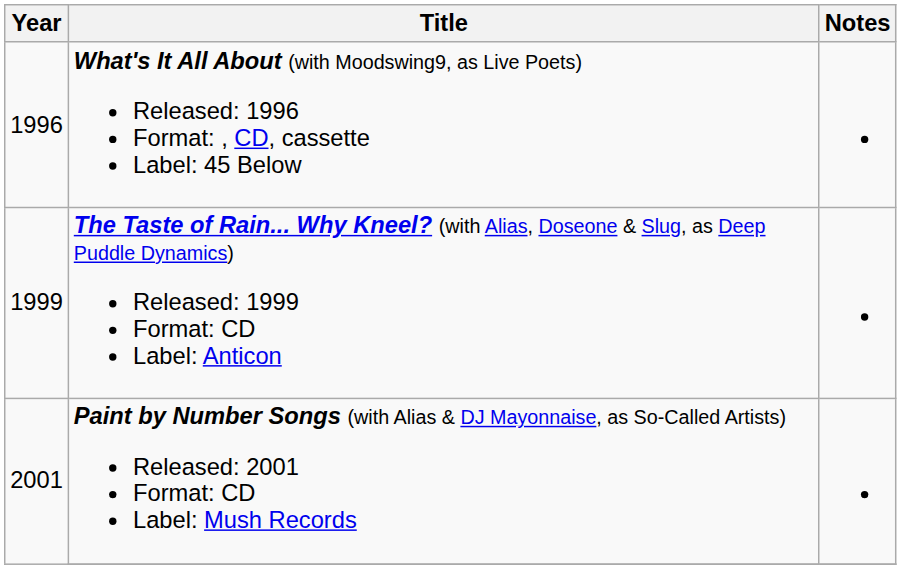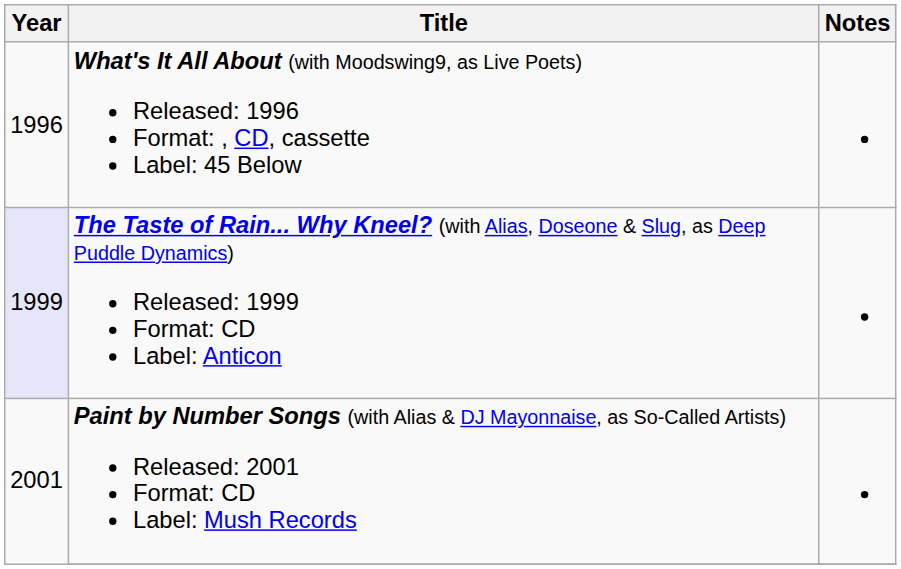 <table class="wikitable">
 <tr>
 <th rowspan="1" style="width:33px;">Year</th>
 <th rowspan="1" style="width:500px;">Title</th>
 <th rowspan="1">Notes</th>
 </tr>
 <tr>
 <td style="text-align:center;">1996</td>
 <td><strong><em>What's It All About</em></strong> <small>(with Moodswing9, as Live Poets)</small><br><ul><li>Released: 1996</li><li>Format: , <a href='#'>CD</a>, cassette</li><li>Label: 45 Below</li></ul></td>
 <td><br><ul><li></li></ul></td>
 </tr>
 <tr>
-<td style="text-align:center;">1999</td>
+<td style="background: lavender; text-align:center;">1999</td>
 <td><strong><em><a href='#'>The Taste of Rain... Why Kneel?</a></em></strong> <small>(with <a href='#'>Alias</a>, <a href='#'>Doseone</a> & <a href='#'>Slug</a>, as <a href='#'>Deep Puddle Dynamics</a>)</small><br><ul><li>Released: 1999</li><li>Format: CD</li><li>Label: <a href='#'>Anticon</a></li></ul></td>
 <td><br><ul><li></li></ul></td>
 </tr>
 <tr>
 <td style="text-align:center;" rowspan="2">2001</td>
 <td><strong><em>Paint by Number Songs</em></strong> <small>(with Alias & <a href='#'>DJ Mayonnaise</a>, as So-Called Artists)</small><br><ul><li>Released: 2001</li><li>Format: CD</li><li>Label: <a href='#'>Mush Records</a></li></ul></td>
 <td><br><ul><li></li></ul></td>
 </tr>
 <tr>
 </tr>
 </table>
